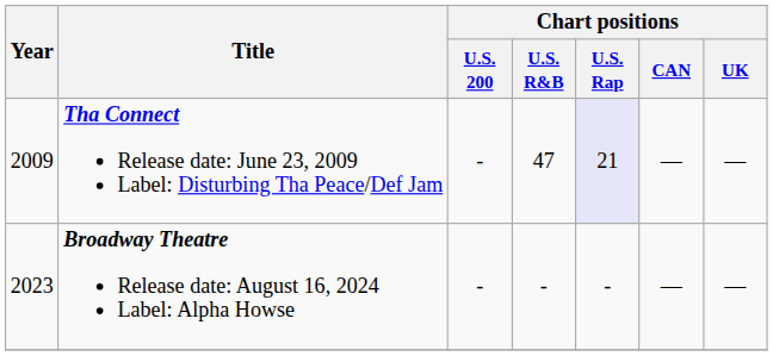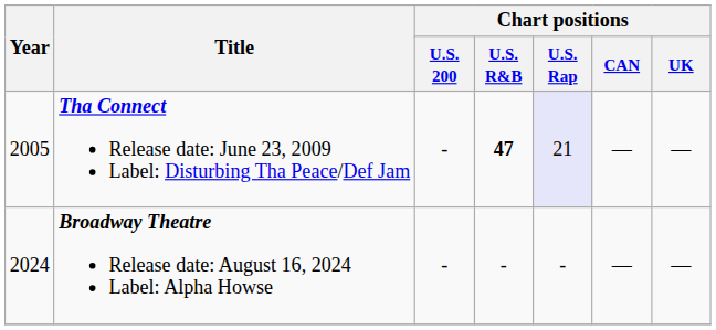 <table class="wikitable">
 <tr>
 <th rowspan="2">Year</th>
 <th rowspan="2">Title</th>
 <th colspan="5">Chart positions</th>
 </tr>
 <tr>
 <th width="40"><small><a href='#'>U.S. 200</a></small></th>
 <th width="40"><small><a href='#'>U.S. R&B</a></small></th>
 <th width="40"><small><a href='#'>U.S. Rap</a></small></th>
 <th width="40"><small><a href='#'>CAN</a></small></th>
 <th width="40"><small><a href='#'>UK</a></small></th>
 </tr>
 <tr>
-<td>2009</td>
+<td>2005</td>
 <td><strong><em><a href='#'>Tha Connect</a></em></strong><br><ul><li>Release date: June 23, 2009</li><li>Label: <a href='#'>Disturbing Tha Peace</a>/<a href='#'>Def Jam</a></li></ul></td>
 <td align="center">-</td>
-<td align="center">47 </td>
+<td align="center"><strong>47 </strong></td>
 <td align="center" style="background: lavender;">21 </td>
 <td align="center">—</td>
 <td align="center">—</td>
 </tr>
 <tr>
-<td>2023</td>
+<td>2024</td>
 <td><strong><em>Broadway Theatre</em></strong><br><ul><li>Release date: August 16, 2024</li><li>Label: Alpha Howse</li></ul></td>
 <td align="center">-</td>
 <td align="center">-</td>
 <td align="center">-</td>
 <td align="center">—</td>
 <td align="center">—</td>
 </tr>
 <tr>
 </tr>
 </table>
